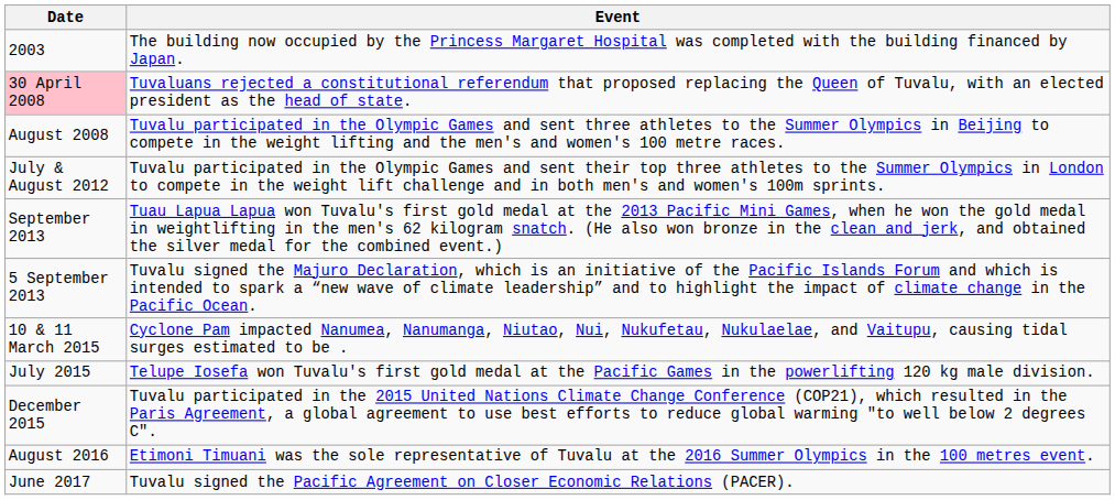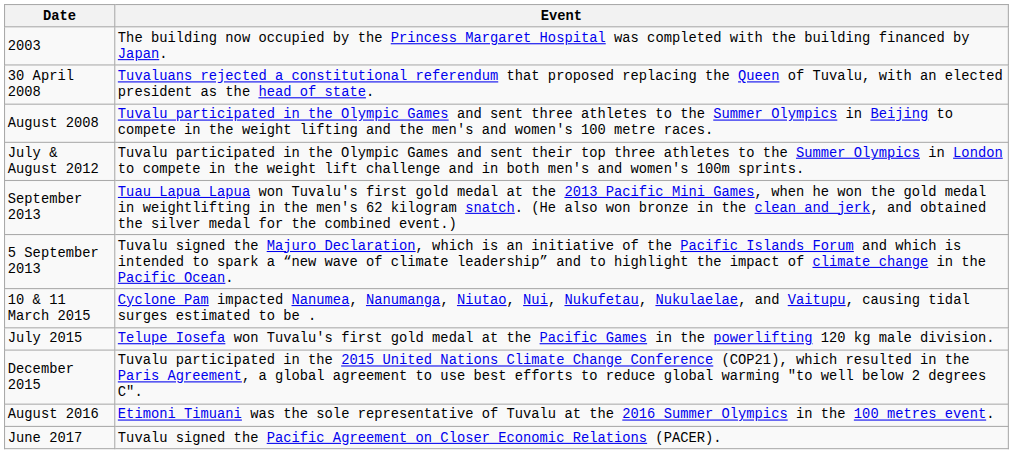 <table class="wikitable" style="width: 75%; border:1px solid; padding=2; border-spacing: 0;">
 <tr>
 <th>Date</th>
 <th>Event</th>
 </tr>
 <tr>
 <td>2003</td>
 <td>The building now occupied by the <a href='#'>Princess Margaret Hospital</a> was completed with the building financed by <a href='#'>Japan</a>.</td>
 </tr>
 <tr>
-<td style="background: pink;">30 April 2008</td>
+<td>30 April 2008</td>
 <td><a href='#'>Tuvaluans rejected a constitutional referendum</a> that proposed replacing the <a href='#'>Queen</a> of Tuvalu, with an elected president as the <a href='#'>head of state</a>.</td>
 </tr>
 <tr>
 <td>August 2008</td>
 <td><a href='#'>Tuvalu participated in the Olympic Games</a> and sent three athletes to the <a href='#'>Summer Olympics</a> in <a href='#'>Beijing</a> to compete in the weight lifting and the men's and women's 100 metre races.</td>
 </tr>
 <tr>
 <td>July & August 2012</td>
 <td>Tuvalu participated in the Olympic Games and sent their top three athletes to the <a href='#'>Summer Olympics</a> in <a href='#'>London</a> to compete in the weight lift challenge and in both men's and women's 100m sprints.</td>
 </tr>
 <tr>
 <td>September 2013</td>
 <td><a href='#'>Tuau Lapua Lapua</a> won Tuvalu's first gold medal at the <a href='#'>2013 Pacific Mini Games</a>, when he won the gold medal in weightlifting in the men's 62 kilogram <a href='#'>snatch</a>. (He also won bronze in the <a href='#'>clean and jerk</a>, and obtained the silver medal for the combined event.)</td>
 </tr>
 <tr>
 <td>5 September 2013</td>
 <td>Tuvalu signed the <a href='#'>Majuro Declaration</a>, which is an initiative of the <a href='#'>Pacific Islands Forum</a> and which is intended to spark a “new wave of climate leadership” and to highlight the impact of <a href='#'>climate change</a> in the <a href='#'>Pacific Ocean</a>.</td>
 </tr>
 <tr>
 <td>10 & 11 March 2015</td>
 <td><a href='#'>Cyclone Pam</a> impacted <a href='#'>Nanumea</a>, <a href='#'>Nanumanga</a>, <a href='#'>Niutao</a>, <a href='#'>Nui</a>, <a href='#'>Nukufetau</a>, <a href='#'>Nukulaelae</a>, and <a href='#'>Vaitupu</a>, causing tidal surges estimated to be .</td>
 </tr>
 <tr>
 <td>July 2015</td>
 <td><a href='#'>Telupe Iosefa</a> won Tuvalu's first gold medal at the <a href='#'>Pacific Games</a> in the <a href='#'>powerlifting</a> 120 kg male division.</td>
 </tr>
 <tr>
 <td>December 2015</td>
 <td>Tuvalu participated in the <a href='#'>2015 United Nations Climate Change Conference</a> (COP21), which resulted in the <a href='#'>Paris Agreement</a>, a global agreement to use best efforts to reduce global warming "to well below 2 degrees C".</td>
 </tr>
 <tr>
 <td>August 2016</td>
 <td><a href='#'>Etimoni Timuani</a> was the sole representative of Tuvalu at the <a href='#'>2016 Summer Olympics</a> in the <a href='#'>100 metres event</a>.</td>
 </tr>
 <tr>
 <td>June 2017</td>
 <td>Tuvalu signed the <a href='#'>Pacific Agreement on Closer Economic Relations</a> (PACER).</td>
 </tr>
 </table>
